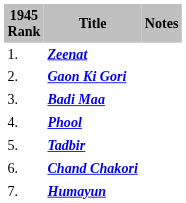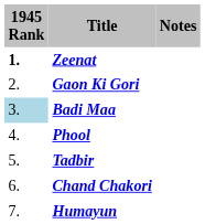 <table cellspacing="0" cellpadding="4" border="0">
 <tr bgcolor="silver" align="center">
 <td rowspan="1"><strong>1945</strong><br><strong>Rank</strong></td>
 <td rowspan="1"><strong>Title</strong></td>
 <td rowspan="1"><strong>Notes</strong></td>
 </tr>
 <tr>
-<td>1.</td>
+<td><strong>1.</strong></td>
 <td><strong><em><a href='#'>Zeenat</a></em></strong></td>
 <td></td>
 </tr>
 <tr>
 <td>2.</td>
 <td><strong><em><a href='#'>Gaon Ki Gori</a></em></strong></td>
 <td></td>
 </tr>
 <tr>
-<td>3.</td>
+<td style="background: lightblue;">3.</td>
 <td><strong><em><a href='#'>Badi Maa</a></em></strong></td>
 <td></td>
 </tr>
 <tr>
 <td>4.</td>
 <td><strong><em><a href='#'>Phool</a></em></strong></td>
 <td></td>
 </tr>
 <tr>
 <td>5.</td>
 <td><strong><em><a href='#'>Tadbir</a></em></strong></td>
 <td></td>
 </tr>
 <tr>
 <td>6.</td>
 <td><strong><em><a href='#'>Chand Chakori</a></em></strong></td>
 <td></td>
 </tr>
 <tr>
 <td>7.</td>
 <td><strong><em><a href='#'>Humayun</a></em></strong></td>
 <td></td>
 </tr>
 </table>
